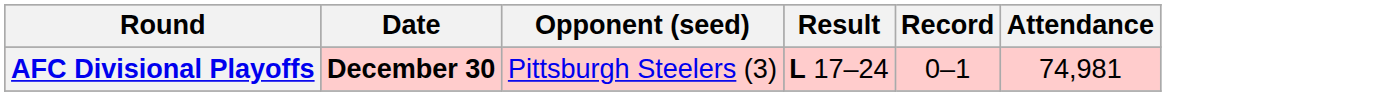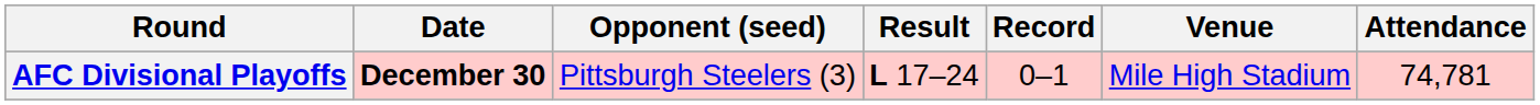 <table class="wikitable" style="text-align:center">
 <tr>
 <th>Round</th>
 <th>Date</th>
 <th>Opponent (seed)</th>
 <th>Result</th>
 <th>Record</th>
+<th>Venue</th>
 <th>Attendance</th>
 </tr>
 <tr style="background:#fcc">
 <th><a href='#'>AFC Divisional Playoffs</a></th>
 <td><strong>December 30</strong></td>
 <td><a href='#'>Pittsburgh Steelers</a> (3)</td>
 <td><strong>L</strong> 17–24</td>
 <td>0–1</td>
-<td>74,981</td>
+<td><a href='#'>Mile High Stadium</a></td>
+<td>74,781</td>
 </tr>
 </table>
